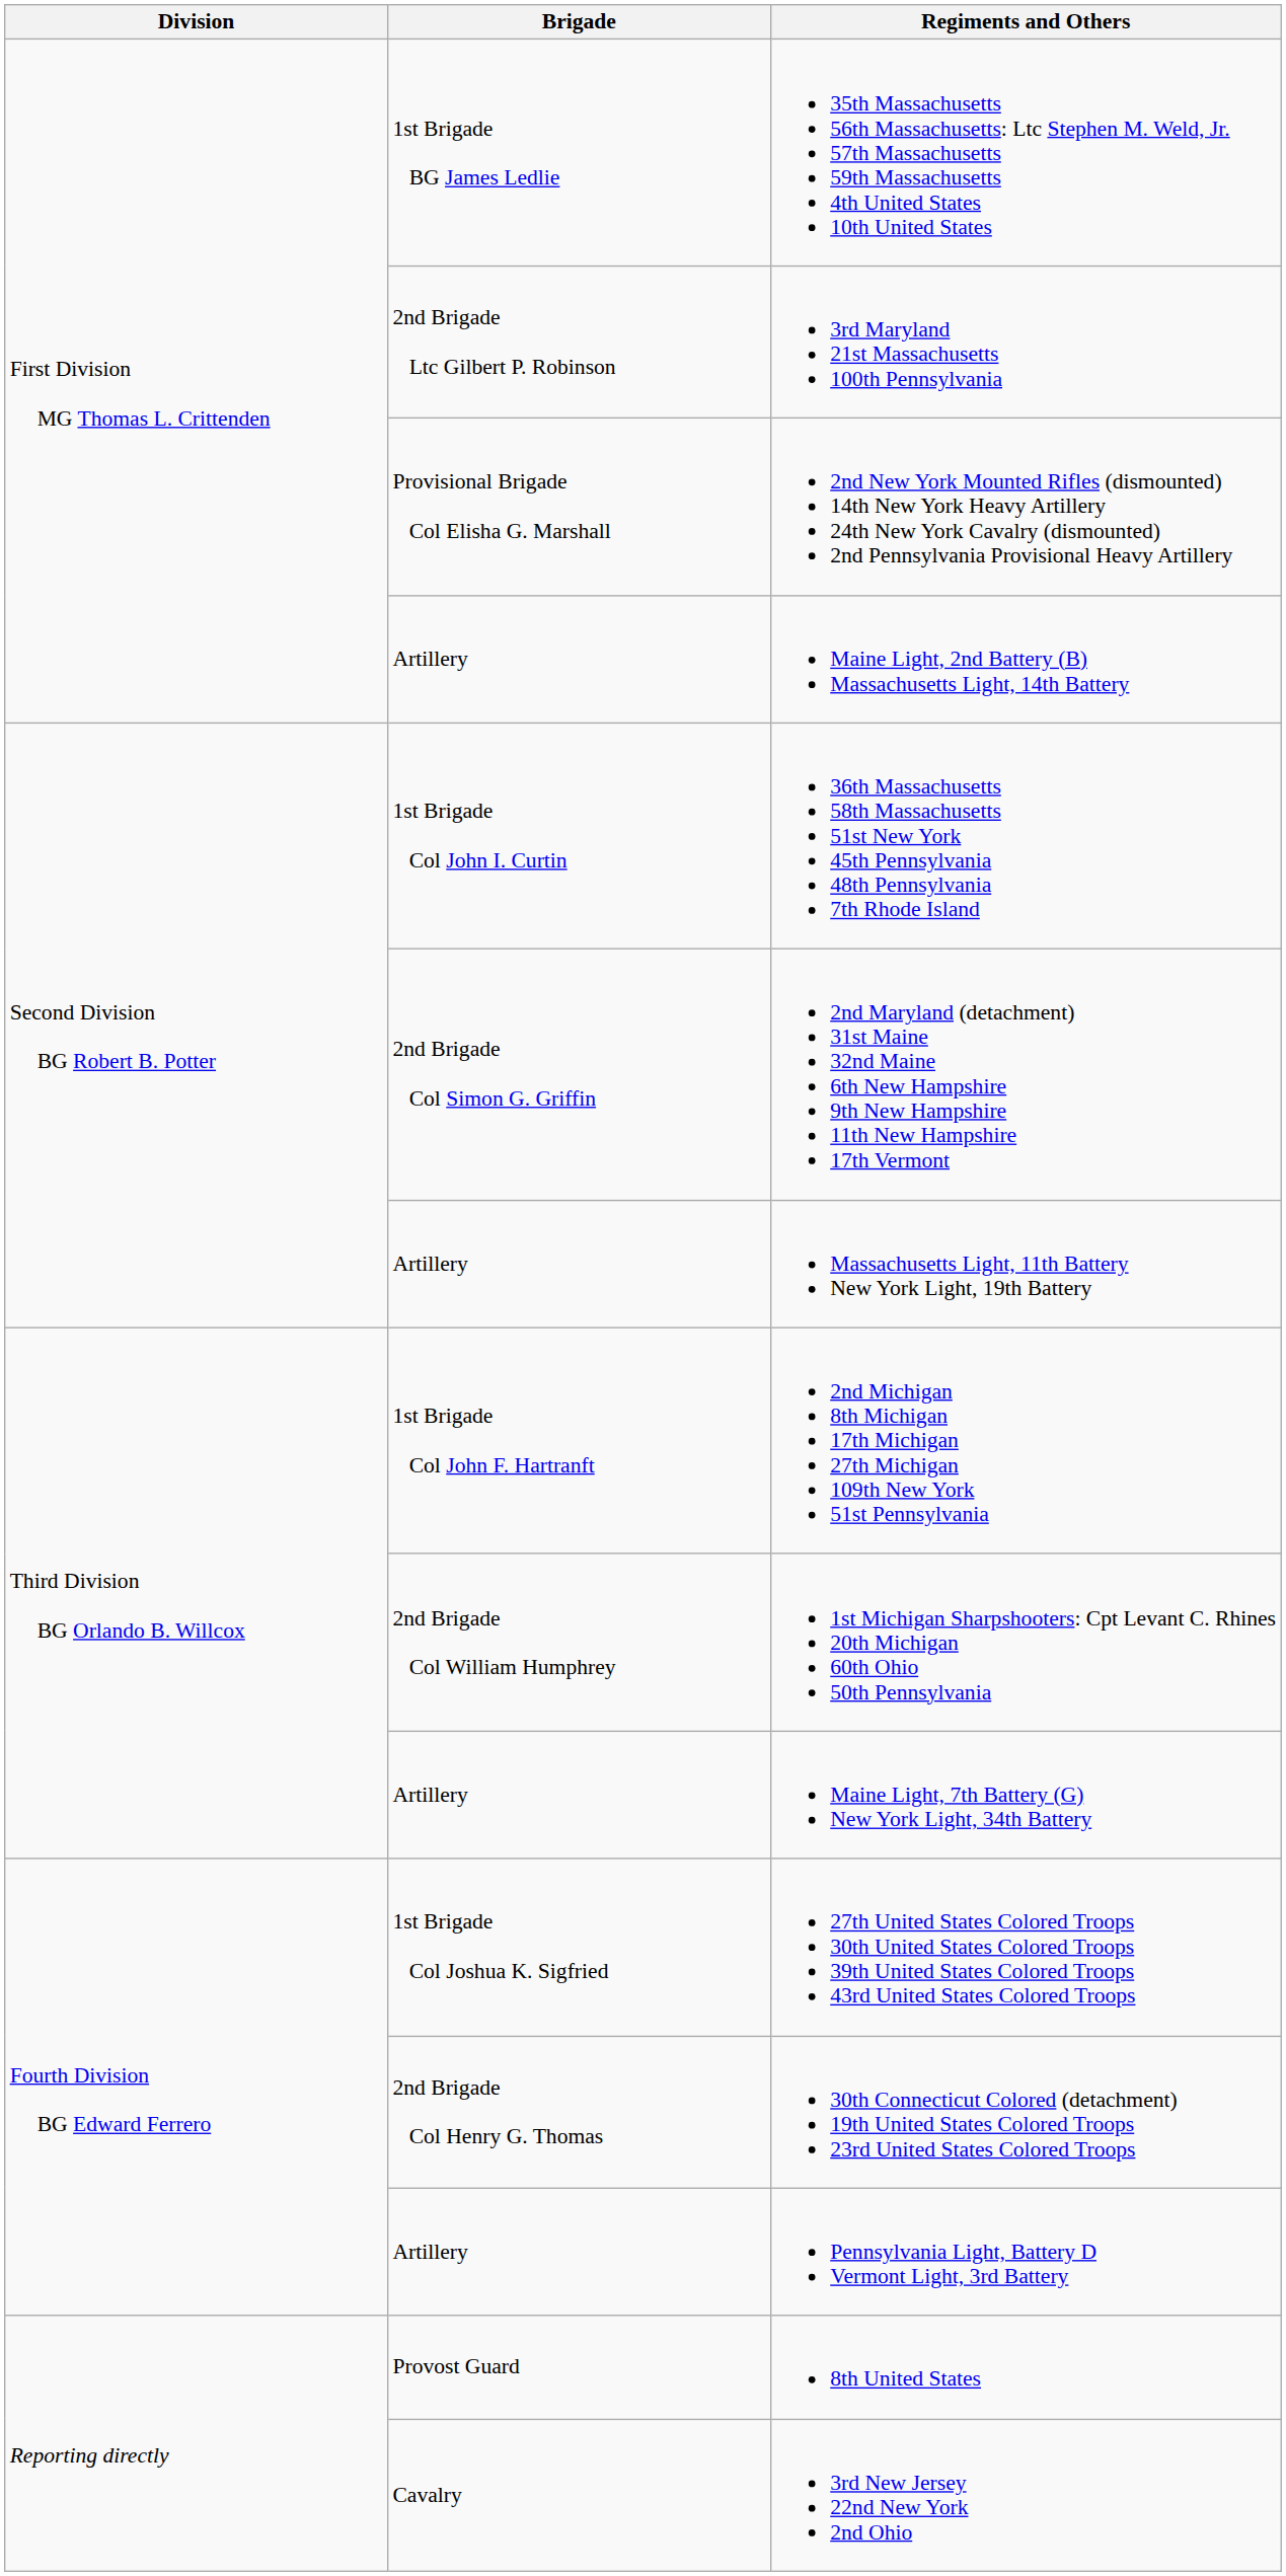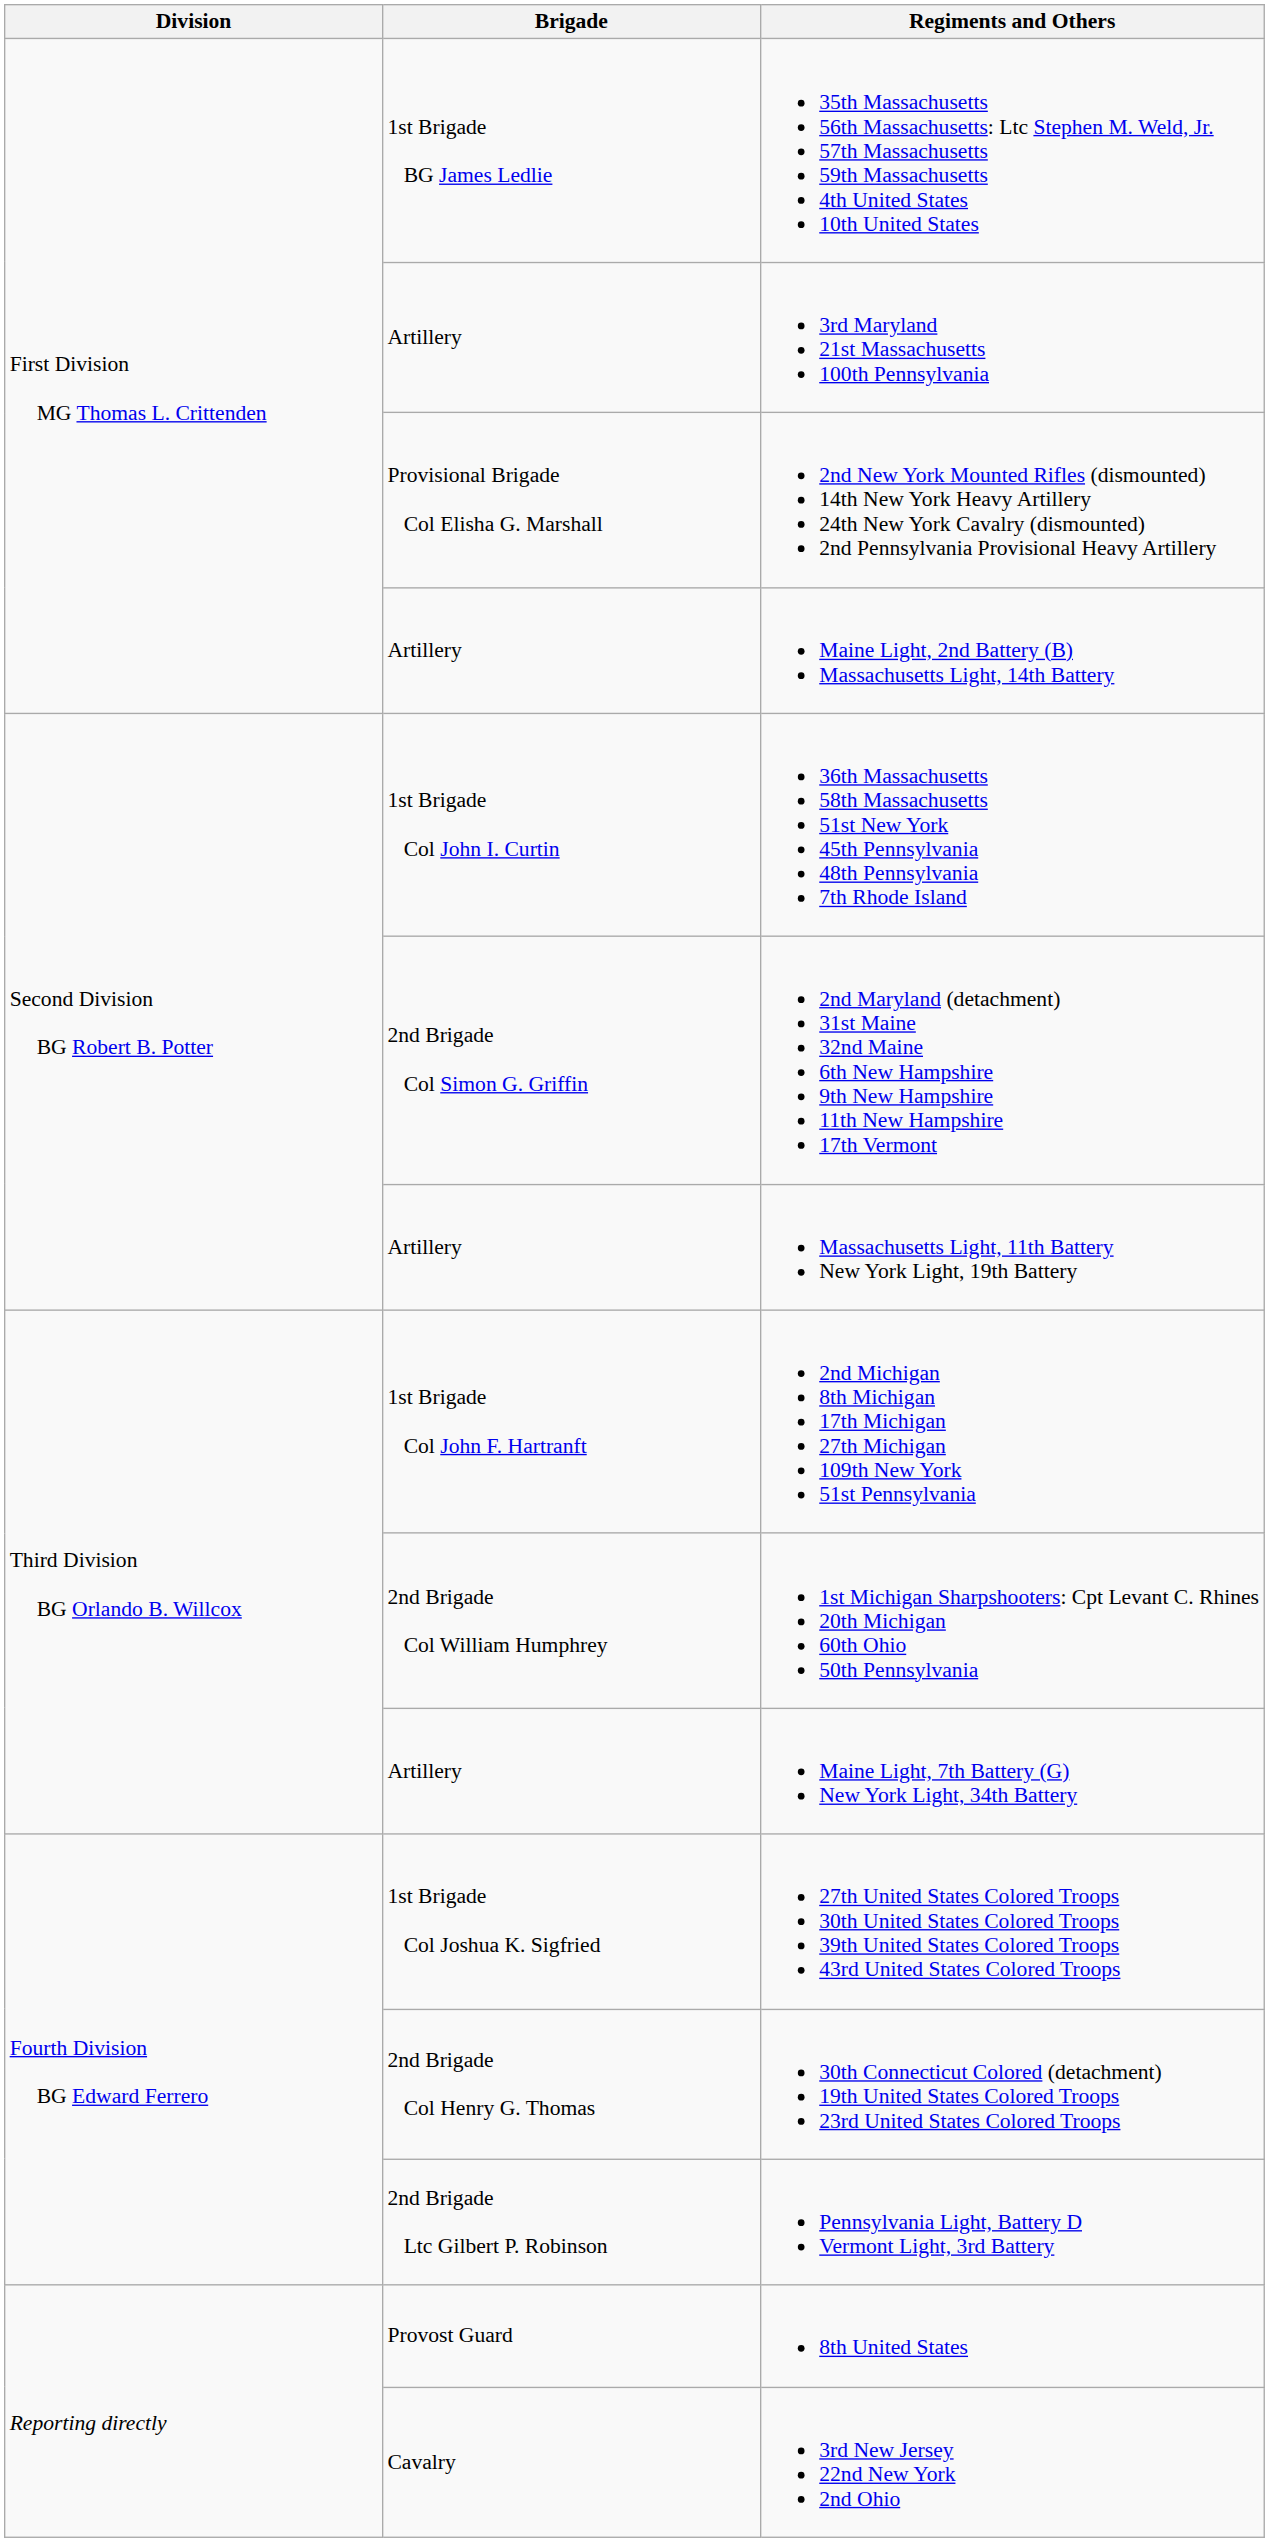 <table class="wikitable">
 <tr>
 <th width=30%>Division</th>
 <th width=30%>Brigade</th>
 <th>Regiments and Others</th>
 </tr>
 <tr>
 <td rowspan=4><br>First Division<br> <br>     MG <a href='#'>Thomas L. Crittenden</a></td>
 <td>1st Brigade<br><br>   BG <a href='#'>James Ledlie</a></td>
 <td><br><ul><li><a href='#'>35th Massachusetts</a></li><li><a href='#'>56th Massachusetts</a>: Ltc <a href='#'>Stephen M. Weld, Jr.</a></li><li><a href='#'>57th Massachusetts</a></li><li><a href='#'>59th Massachusetts</a></li><li><a href='#'>4th United States</a></li><li><a href='#'>10th United States</a></li></ul></td>
 </tr>
 <tr>
-<td>2nd Brigade<br><br>   Ltc Gilbert P. Robinson</td>
+<td>Artillery</td>
 <td><br><ul><li><a href='#'>3rd Maryland</a></li><li><a href='#'>21st Massachusetts</a></li><li><a href='#'>100th Pennsylvania</a></li></ul></td>
 </tr>
 <tr>
 <td>Provisional Brigade<br><br>   Col Elisha G. Marshall</td>
 <td><br><ul><li><a href='#'>2nd New York Mounted Rifles</a> (dismounted)</li><li>14th New York Heavy Artillery</li><li>24th New York Cavalry (dismounted)</li><li>2nd Pennsylvania Provisional Heavy Artillery</li></ul></td>
 </tr>
 <tr>
 <td>Artillery</td>
 <td><br><ul><li><a href='#'>Maine Light, 2nd Battery (B)</a></li><li><a href='#'>Massachusetts Light, 14th Battery</a></li></ul></td>
 </tr>
 <tr>
 <td rowspan=3><br>Second Division<br> <br>     BG <a href='#'>Robert B. Potter</a></td>
 <td>1st Brigade<br><br>   Col <a href='#'>John I. Curtin</a></td>
 <td><br><ul><li><a href='#'>36th Massachusetts</a></li><li><a href='#'>58th Massachusetts</a></li><li><a href='#'>51st New York</a></li><li><a href='#'>45th Pennsylvania</a></li><li><a href='#'>48th Pennsylvania</a></li><li><a href='#'>7th Rhode Island</a></li></ul></td>
 </tr>
 <tr>
 <td>2nd Brigade<br><br>   Col <a href='#'>Simon G. Griffin</a></td>
 <td><br><ul><li><a href='#'>2nd Maryland</a> (detachment)</li><li><a href='#'>31st Maine</a></li><li><a href='#'>32nd Maine</a></li><li><a href='#'>6th New Hampshire</a></li><li><a href='#'>9th New Hampshire</a></li><li><a href='#'>11th New Hampshire</a></li><li><a href='#'>17th Vermont</a></li></ul></td>
 </tr>
 <tr>
 <td>Artillery</td>
 <td><br><ul><li><a href='#'>Massachusetts Light, 11th Battery</a></li><li>New York Light, 19th Battery</li></ul></td>
 </tr>
 <tr>
 <td rowspan=3><br>Third Division<br> <br>     BG <a href='#'>Orlando B. Willcox</a></td>
 <td>1st Brigade<br><br>   Col <a href='#'>John F. Hartranft</a></td>
 <td><br><ul><li><a href='#'>2nd Michigan</a></li><li><a href='#'>8th Michigan</a></li><li><a href='#'>17th Michigan</a></li><li><a href='#'>27th Michigan</a></li><li><a href='#'>109th New York</a></li><li><a href='#'>51st Pennsylvania</a></li></ul></td>
 </tr>
 <tr>
 <td>2nd Brigade<br><br>   Col William Humphrey</td>
 <td><br><ul><li><a href='#'>1st Michigan Sharpshooters</a>: Cpt Levant C. Rhines</li><li><a href='#'>20th Michigan</a></li><li><a href='#'>60th Ohio</a></li><li><a href='#'>50th Pennsylvania</a></li></ul></td>
 </tr>
 <tr>
 <td>Artillery</td>
 <td><br><ul><li><a href='#'>Maine Light, 7th Battery (G)</a></li><li><a href='#'>New York Light, 34th Battery</a></li></ul></td>
 </tr>
 <tr>
 <td rowspan=3><br><a href='#'>Fourth Division</a><br> <br>     BG <a href='#'>Edward Ferrero</a></td>
 <td>1st Brigade<br><br>   Col Joshua K. Sigfried</td>
 <td><br><ul><li><a href='#'>27th United States Colored Troops</a></li><li><a href='#'>30th United States Colored Troops</a></li><li><a href='#'>39th United States Colored Troops</a></li><li><a href='#'>43rd United States Colored Troops</a></li></ul></td>
 </tr>
 <tr>
 <td>2nd Brigade<br><br>   Col Henry G. Thomas</td>
 <td><br><ul><li><a href='#'>30th Connecticut Colored</a> (detachment)</li><li><a href='#'>19th United States Colored Troops</a></li><li><a href='#'>23rd United States Colored Troops</a></li></ul></td>
 </tr>
 <tr>
-<td>Artillery</td>
+<td>2nd Brigade<br><br>   Ltc Gilbert P. Robinson</td>
 <td><br><ul><li><a href='#'>Pennsylvania Light, Battery D</a></li><li><a href='#'>Vermont Light, 3rd Battery</a></li></ul></td>
 </tr>
 <tr>
 <td rowspan=4><br><em>Reporting directly</em></td>
 <td>Provost Guard</td>
 <td><br><ul><li><a href='#'>8th United States</a></li></ul></td>
 </tr>
 <tr>
 <td>Cavalry</td>
 <td><br><ul><li><a href='#'>3rd New Jersey</a></li><li><a href='#'>22nd New York</a></li><li><a href='#'>2nd Ohio</a></li></ul></td>
 </tr>
 </table>
